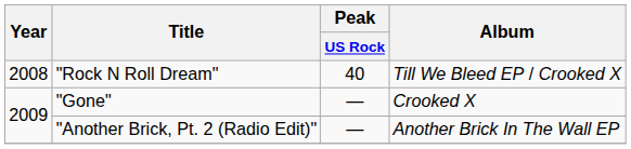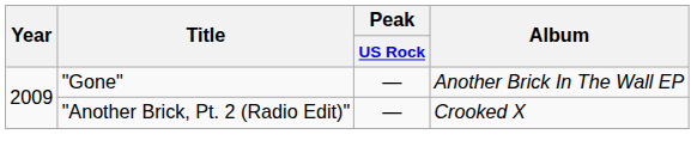 <table class="wikitable">
 <tr>
 <th rowspan="2">Year</th>
 <th rowspan="2">Title</th>
 <th>Peak</th>
 <th rowspan="2">Album</th>
 </tr>
 <tr>
 <th><small><a href='#'>US Rock</a></small></th>
 </tr>
 <tr>
-<td>2008</td>
-<td>"Rock N Roll Dream"</td>
-<td align="center">40</td>
-<td><em>Till We Bleed EP</em> / <em>Crooked X</em></td>
+<td rowspan="2">2009</td>
+<td>"Gone"</td>
+<td align="center">—</td>
+<td><em>Another Brick In The Wall EP</em></td>
 </tr>
 <tr>
-<td rowspan="2">2009</td>
-<td>"Gone"</td>
+<td>"Another Brick, Pt. 2 (Radio Edit)"</td>
 <td align="center">—</td>
 <td><em>Crooked X</em></td>
 </tr>
 <tr>
-<td>"Another Brick, Pt. 2 (Radio Edit)"</td>
-<td align="center">—</td>
-<td><em>Another Brick In The Wall EP</em></td>
-</tr>
-<tr>
 </tr>
 </table>
